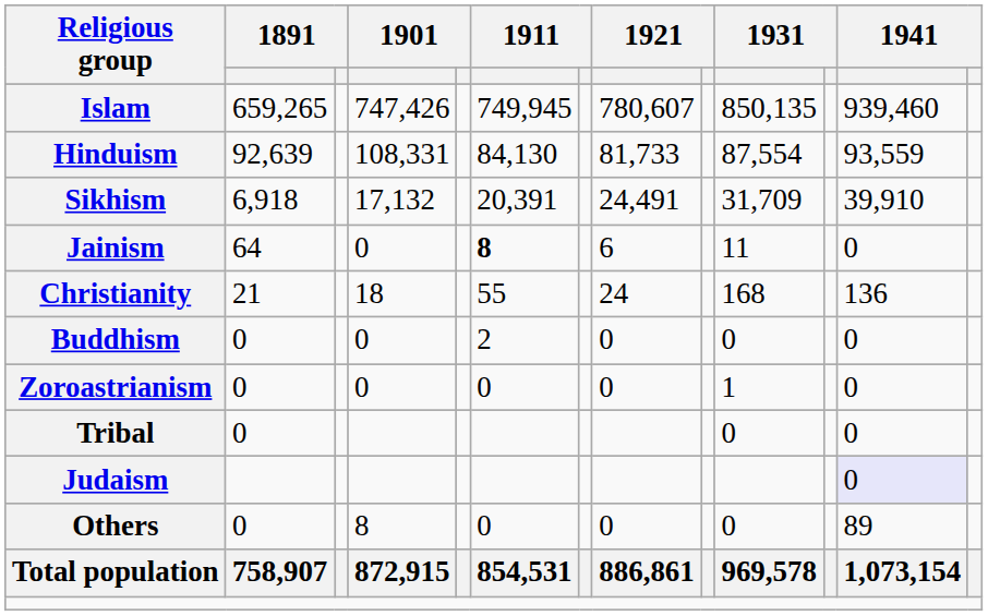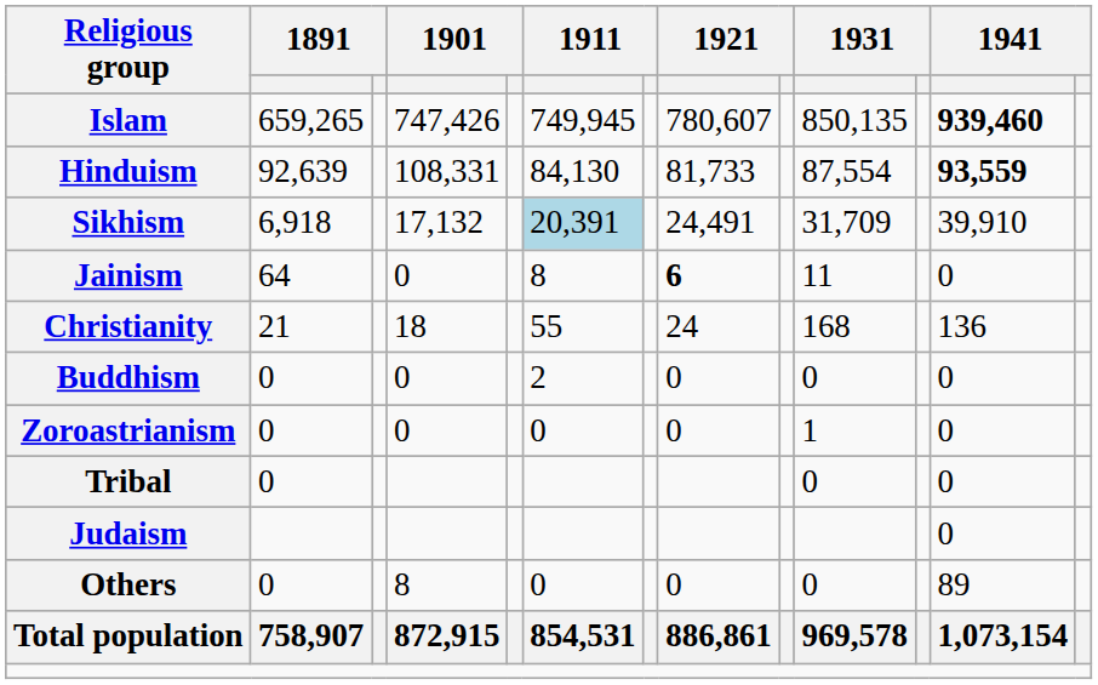 <table class="wikitable sortable">
 <tr>
 <th rowspan="2"><a href='#'>Religious</a><br>group</th>
 <th colspan="2">1891</th>
 <th colspan="2">1901</th>
 <th colspan="2">1911</th>
 <th colspan="2">1921</th>
 <th colspan="2">1931</th>
 <th colspan="2">1941</th>
 </tr>
 <tr>
 <th><a href='#'></a></th>
 <th></th>
 <th></th>
 <th></th>
 <th></th>
 <th></th>
 <th></th>
 <th></th>
 <th></th>
 <th></th>
 <th></th>
 <th></th>
 </tr>
 <tr>
 <th><a href='#'>Islam</a> </th>
 <td>659,265</td>
 <td></td>
 <td>747,426</td>
 <td></td>
 <td>749,945</td>
 <td></td>
 <td>780,607</td>
 <td></td>
 <td>850,135</td>
 <td></td>
-<td>939,460</td>
+<td><strong>939,460</strong></td>
 <td></td>
 </tr>
 <tr>
 <th><a href='#'>Hinduism</a> </th>
 <td>92,639</td>
 <td></td>
 <td>108,331</td>
 <td></td>
 <td>84,130</td>
 <td></td>
 <td>81,733</td>
 <td></td>
 <td>87,554</td>
 <td></td>
-<td>93,559</td>
+<td><strong>93,559</strong></td>
 <td></td>
 </tr>
 <tr>
 <th><a href='#'>Sikhism</a> </th>
 <td>6,918</td>
 <td></td>
 <td>17,132</td>
 <td></td>
-<td>20,391</td>
+<td style="background: lightblue;">20,391</td>
 <td></td>
 <td>24,491</td>
 <td></td>
 <td>31,709</td>
 <td></td>
 <td>39,910</td>
 <td></td>
 </tr>
 <tr>
 <th><a href='#'>Jainism</a> </th>
 <td>64</td>
 <td></td>
 <td>0</td>
 <td></td>
-<td><strong>8</strong></td>
+<td>8</td>
 <td></td>
-<td>6</td>
+<td><strong>6</strong></td>
 <td></td>
 <td>11</td>
 <td></td>
 <td>0</td>
 <td></td>
 </tr>
 <tr>
 <th><a href='#'>Christianity</a> </th>
 <td>21</td>
 <td></td>
 <td>18</td>
 <td></td>
 <td>55</td>
 <td></td>
 <td>24</td>
 <td></td>
 <td>168</td>
 <td></td>
 <td>136</td>
 <td></td>
 </tr>
 <tr>
 <th><a href='#'>Buddhism</a> </th>
 <td>0</td>
 <td></td>
 <td>0</td>
 <td></td>
 <td>2</td>
 <td></td>
 <td>0</td>
 <td></td>
 <td>0</td>
 <td></td>
 <td>0</td>
 <td></td>
 </tr>
 <tr>
 <th><a href='#'>Zoroastrianism</a> </th>
 <td>0</td>
 <td></td>
 <td>0</td>
 <td></td>
 <td>0</td>
 <td></td>
 <td>0</td>
 <td></td>
 <td>1</td>
 <td></td>
 <td>0</td>
 <td></td>
 </tr>
 <tr>
 <th>Tribal</th>
 <td>0</td>
 <td></td>
 <td></td>
 <td></td>
 <td></td>
 <td></td>
 <td></td>
 <td></td>
 <td>0</td>
 <td></td>
 <td>0</td>
 <td></td>
 </tr>
 <tr>
 <th><a href='#'>Judaism</a> </th>
 <td></td>
 <td></td>
 <td></td>
 <td></td>
 <td></td>
 <td></td>
 <td></td>
 <td></td>
 <td></td>
 <td></td>
-<td style="background: lavender;">0</td>
+<td>0</td>
 <td></td>
 </tr>
 <tr>
 <th>Others</th>
 <td>0</td>
 <td></td>
 <td>8</td>
 <td></td>
 <td>0</td>
 <td></td>
 <td>0</td>
 <td></td>
 <td>0</td>
 <td></td>
 <td>89</td>
 <td></td>
 </tr>
 <tr>
 <th>Total population</th>
 <th>758,907</th>
 <th></th>
 <th>872,915</th>
 <th></th>
 <th>854,531</th>
 <th></th>
 <th>886,861</th>
 <th></th>
 <th>969,578</th>
 <th></th>
 <th>1,073,154</th>
 <th></th>
 </tr>
 <tr class="sortbottom">
 <td colspan="15"></td>
 </tr>
 </table>
